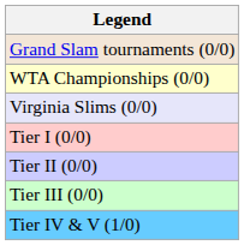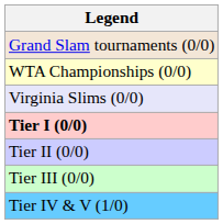 <table class="wikitable sortable mw-collapsible mw-collapsed">
 <tr>
 <th>Legend</th>
 </tr>
 <tr>
 <td bgcolor="#f3e6d7"><a href='#'>Grand Slam</a> tournaments (0/0)</td>
 </tr>
 <tr>
 <td bgcolor="#ffffcc">WTA Championships (0/0)</td>
 </tr>
 <tr>
 <td style="background: lavender;">Virginia Slims (0/0)</td>
 </tr>
 <tr>
-<td bgcolor="#ffcccc">Tier I (0/0)</td>
+<td bgcolor="#ffcccc"><strong>Tier I (0/0)</strong></td>
 </tr>
 <tr>
 <td bgcolor="#ccccff">Tier II (0/0)</td>
 </tr>
 <tr>
 <td bgcolor="#CCFFCC">Tier III (0/0)</td>
 </tr>
 <tr>
 <td bgcolor="#66CCFF">Tier IV & V (1/0)</td>
 </tr>
 </table>
